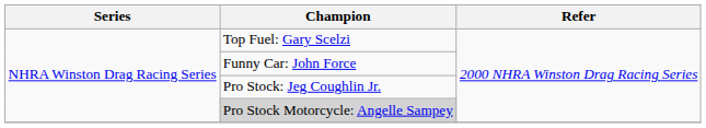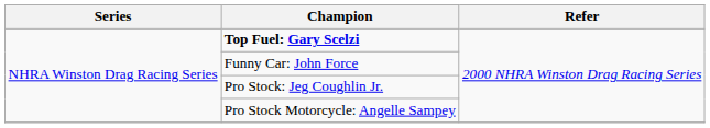 <table class="wikitable" style="font-size:87%;">
 <tr>
 <th>Series</th>
 <th>Champion</th>
 <th>Refer</th>
 </tr>
 <tr>
 <td rowspan=4><a href='#'>NHRA Winston Drag Racing Series</a></td>
-<td>Top Fuel:  <a href='#'>Gary Scelzi</a></td>
+<td><strong>Top Fuel:  <a href='#'>Gary Scelzi</a></strong></td>
 <td rowspan=4><em><a href='#'>2000 NHRA Winston Drag Racing Series</a></em></td>
 </tr>
 <tr>
 <td>Funny Car:  <a href='#'>John Force</a></td>
 </tr>
 <tr>
 <td>Pro Stock:  <a href='#'>Jeg Coughlin Jr.</a></td>
 </tr>
 <tr>
-<td style="background: lightgrey;">Pro Stock Motorcycle:  <a href='#'>Angelle Sampey</a></td>
+<td>Pro Stock Motorcycle:  <a href='#'>Angelle Sampey</a></td>
 </tr>
 <tr>
 </tr>
 </table>
